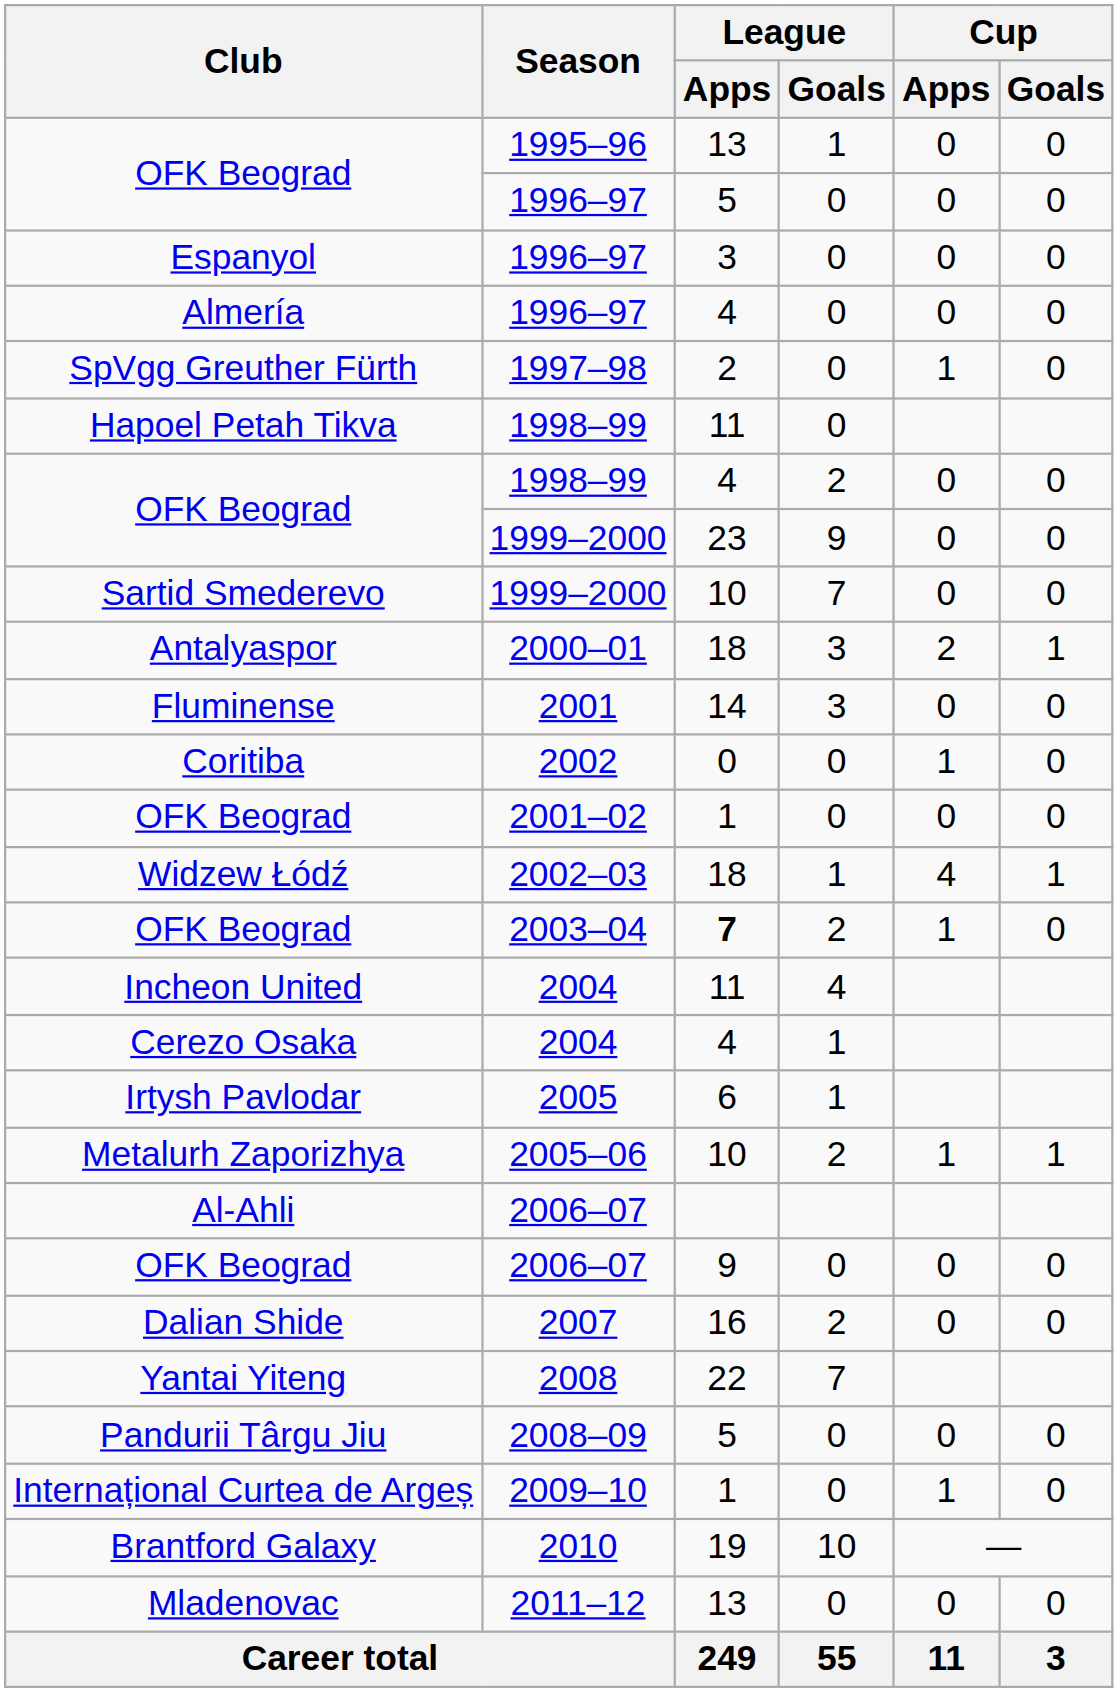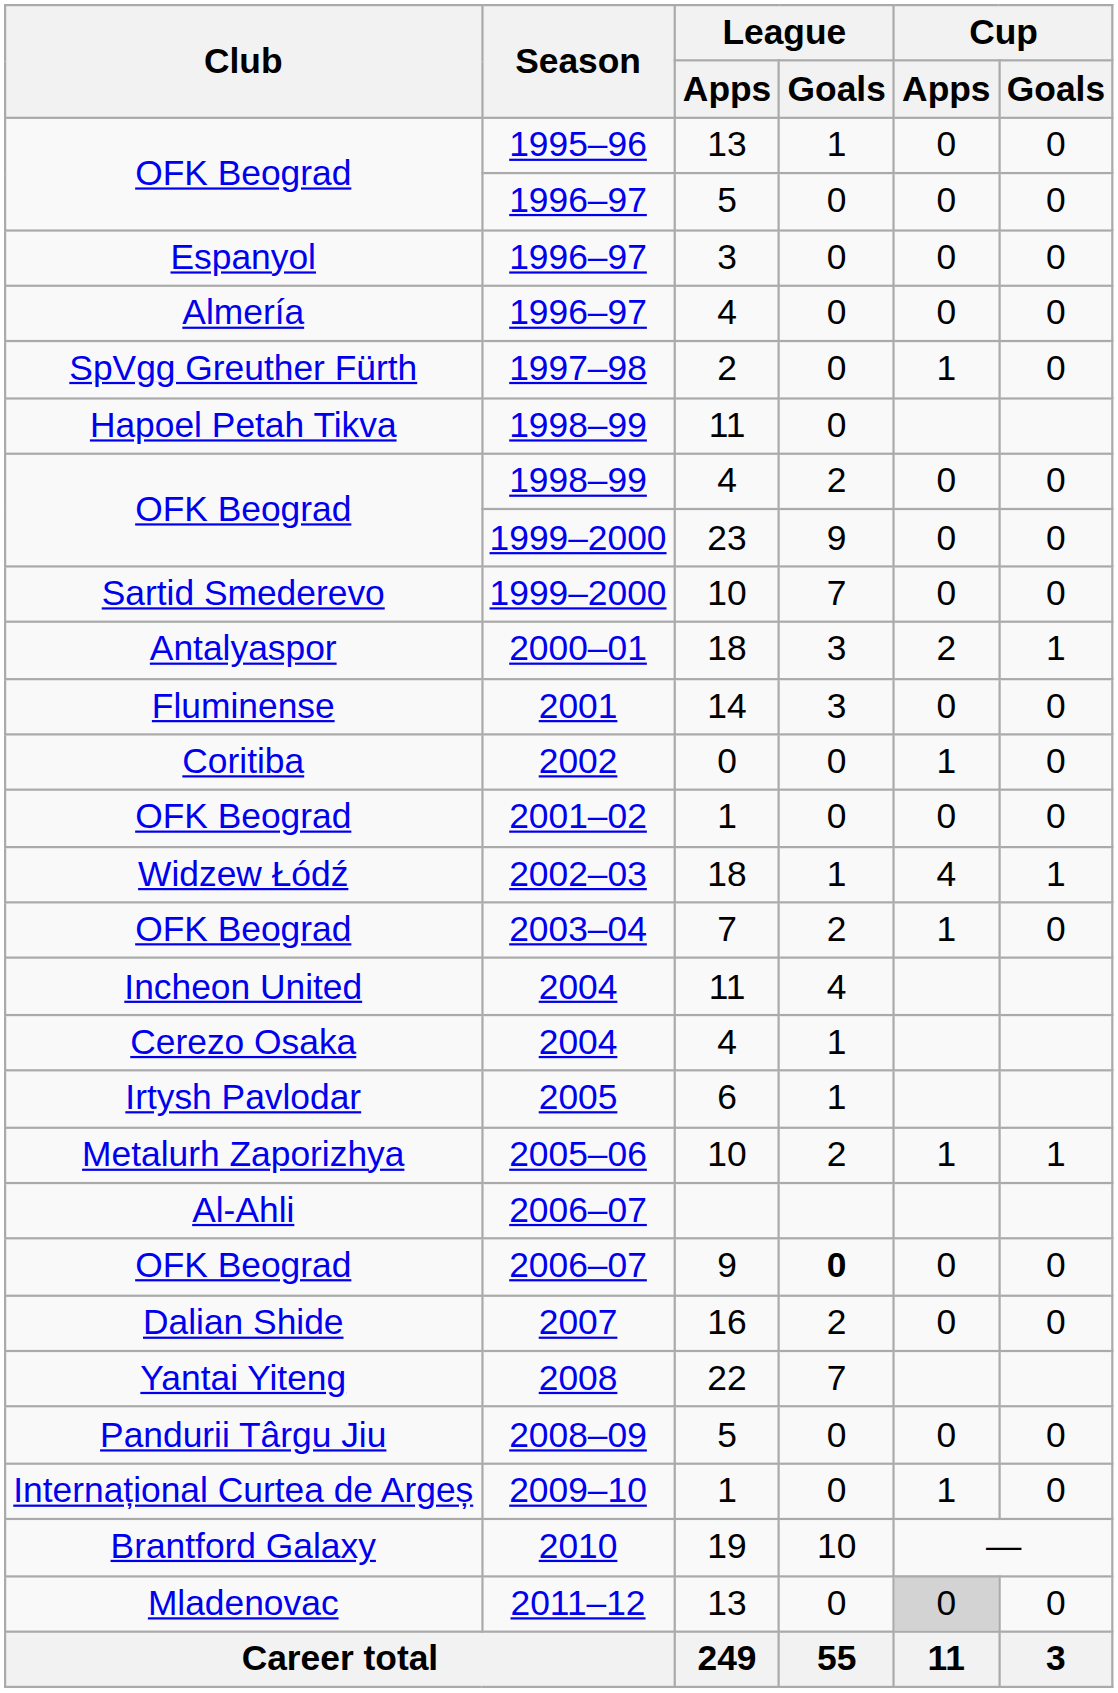 <table class="wikitable" style="text-align:center">
 <tr>
 <th rowspan="2">Club</th>
 <th rowspan="2">Season</th>
 <th colspan="2">League</th>
 <th colspan="2">Cup</th>
 </tr>
 <tr>
 <th>Apps</th>
 <th>Goals</th>
 <th>Apps</th>
 <th>Goals</th>
 </tr>
 <tr>
 <td rowspan="2"><a href='#'>OFK Beograd</a></td>
 <td><a href='#'>1995–96</a></td>
 <td>13</td>
 <td>1</td>
 <td>0</td>
 <td>0</td>
 </tr>
 <tr>
 <td><a href='#'>1996–97</a></td>
 <td>5</td>
 <td>0</td>
 <td>0</td>
 <td>0</td>
 </tr>
 <tr>
 <td><a href='#'>Espanyol</a></td>
 <td><a href='#'>1996–97</a></td>
 <td>3</td>
 <td>0</td>
 <td>0</td>
 <td>0</td>
 </tr>
 <tr>
 <td><a href='#'>Almería</a></td>
 <td><a href='#'>1996–97</a></td>
 <td>4</td>
 <td>0</td>
 <td>0</td>
 <td>0</td>
 </tr>
 <tr>
 <td><a href='#'>SpVgg Greuther Fürth</a></td>
 <td><a href='#'>1997–98</a></td>
 <td>2</td>
 <td>0</td>
 <td>1</td>
 <td>0</td>
 </tr>
 <tr>
 <td><a href='#'>Hapoel Petah Tikva</a></td>
 <td><a href='#'>1998–99</a></td>
 <td>11</td>
 <td>0</td>
 <td></td>
 <td></td>
 </tr>
 <tr>
 <td rowspan="2"><a href='#'>OFK Beograd</a></td>
 <td><a href='#'>1998–99</a></td>
 <td>4</td>
 <td>2</td>
 <td>0</td>
 <td>0</td>
 </tr>
 <tr>
 <td><a href='#'>1999–2000</a></td>
 <td>23</td>
 <td>9</td>
 <td>0</td>
 <td>0</td>
 </tr>
 <tr>
 <td><a href='#'>Sartid Smederevo</a></td>
 <td><a href='#'>1999–2000</a></td>
 <td>10</td>
 <td>7</td>
 <td>0</td>
 <td>0</td>
 </tr>
 <tr>
 <td><a href='#'>Antalyaspor</a></td>
 <td><a href='#'>2000–01</a></td>
 <td>18</td>
 <td>3</td>
 <td>2</td>
 <td>1</td>
 </tr>
 <tr>
 <td><a href='#'>Fluminense</a></td>
 <td><a href='#'>2001</a></td>
 <td>14</td>
 <td>3</td>
 <td>0</td>
 <td>0</td>
 </tr>
 <tr>
 <td><a href='#'>Coritiba</a></td>
 <td><a href='#'>2002</a></td>
 <td>0</td>
 <td>0</td>
 <td>1</td>
 <td>0</td>
 </tr>
 <tr>
 <td><a href='#'>OFK Beograd</a></td>
 <td><a href='#'>2001–02</a></td>
 <td>1</td>
 <td>0</td>
 <td>0</td>
 <td>0</td>
 </tr>
 <tr>
 <td><a href='#'>Widzew Łódź</a></td>
 <td><a href='#'>2002–03</a></td>
 <td>18</td>
 <td>1</td>
 <td>4</td>
 <td>1</td>
 </tr>
 <tr>
 <td><a href='#'>OFK Beograd</a></td>
 <td><a href='#'>2003–04</a></td>
-<td><strong>7</strong></td>
+<td>7</td>
 <td>2</td>
 <td>1</td>
 <td>0</td>
 </tr>
 <tr>
 <td><a href='#'>Incheon United</a></td>
 <td><a href='#'>2004</a></td>
 <td>11</td>
 <td>4</td>
 <td></td>
 <td></td>
 </tr>
 <tr>
 <td><a href='#'>Cerezo Osaka</a></td>
 <td><a href='#'>2004</a></td>
 <td>4</td>
 <td>1</td>
 <td></td>
 <td></td>
 </tr>
 <tr>
 <td><a href='#'>Irtysh Pavlodar</a></td>
 <td><a href='#'>2005</a></td>
 <td>6</td>
 <td>1</td>
 <td></td>
 <td></td>
 </tr>
 <tr>
 <td><a href='#'>Metalurh Zaporizhya</a></td>
 <td><a href='#'>2005–06</a></td>
 <td>10</td>
 <td>2</td>
 <td>1</td>
 <td>1</td>
 </tr>
 <tr>
 <td><a href='#'>Al-Ahli</a></td>
 <td><a href='#'>2006–07</a></td>
 <td></td>
 <td></td>
 <td></td>
 <td></td>
 </tr>
 <tr>
 <td><a href='#'>OFK Beograd</a></td>
 <td><a href='#'>2006–07</a></td>
 <td>9</td>
-<td>0</td>
+<td><strong>0</strong></td>
 <td>0</td>
 <td>0</td>
 </tr>
 <tr>
 <td><a href='#'>Dalian Shide</a></td>
 <td><a href='#'>2007</a></td>
 <td>16</td>
 <td>2</td>
 <td>0</td>
 <td>0</td>
 </tr>
 <tr>
 <td><a href='#'>Yantai Yiteng</a></td>
 <td><a href='#'>2008</a></td>
 <td>22</td>
 <td>7</td>
 <td></td>
 <td></td>
 </tr>
 <tr>
 <td><a href='#'>Pandurii Târgu Jiu</a></td>
 <td><a href='#'>2008–09</a></td>
 <td>5</td>
 <td>0</td>
 <td>0</td>
 <td>0</td>
 </tr>
 <tr>
 <td><a href='#'>Internațional Curtea de Argeș</a></td>
 <td><a href='#'>2009–10</a></td>
 <td>1</td>
 <td>0</td>
 <td>1</td>
 <td>0</td>
 </tr>
 <tr>
 <td><a href='#'>Brantford Galaxy</a></td>
 <td><a href='#'>2010</a></td>
 <td>19</td>
 <td>10</td>
 <td colspan="2">—</td>
 </tr>
 <tr>
 <td><a href='#'>Mladenovac</a></td>
 <td><a href='#'>2011–12</a></td>
 <td>13</td>
 <td>0</td>
-<td>0</td>
+<td style="background: lightgrey;">0</td>
 <td>0</td>
 </tr>
 <tr>
 <th colspan="2">Career total</th>
 <th>249</th>
 <th>55</th>
 <th>11</th>
 <th>3</th>
 </tr>
 </table>
